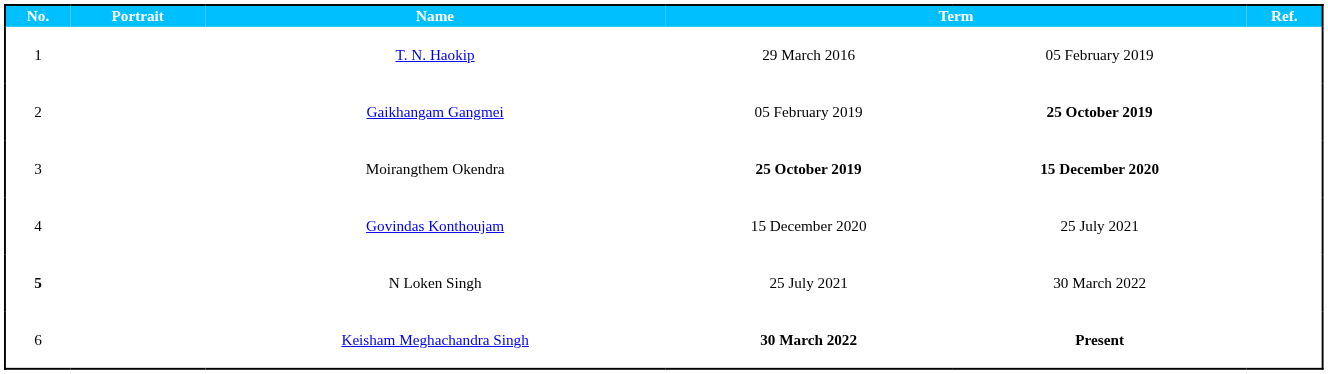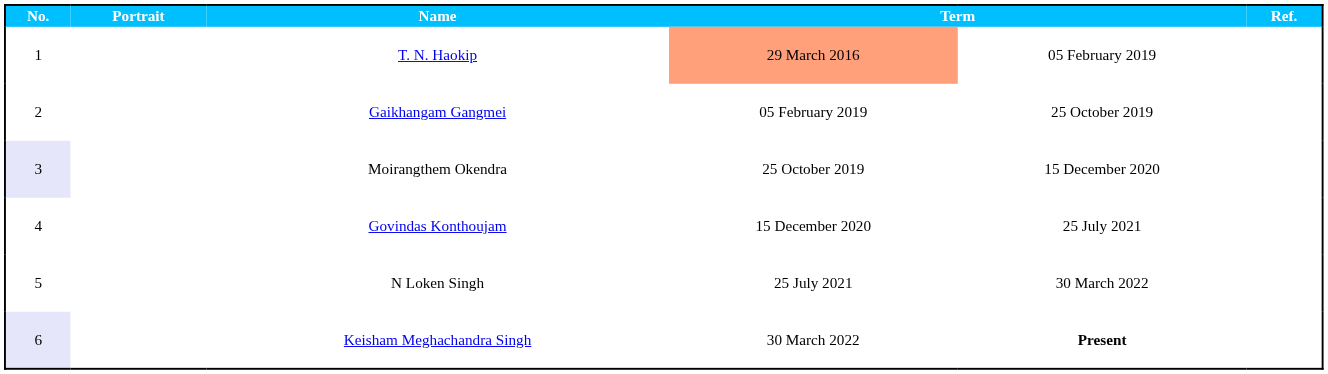 <table class="sortable" cellspacing="0" cellpadding="2" style="border-collapse: collapse; border: 2px #000000 solid; font-size: x-big; width:70%; border:1">
 <tr style="background-color:#00BFFF; color:white">
 <th>No.</th>
 <th>Portrait</th>
 <th>Name</th>
 <th colspan="2">Term</th>
 <th>Ref.</th>
 </tr>
 <tr style="text-align:center; height:60px;">
 <td>1</td>
 <td></td>
 <td><a href='#'>T. N. Haokip</a></td>
-<td>29 March 2016</td>
+<td style="background: lightsalmon;">29 March 2016</td>
 <td>05 February 2019</td>
 <td></td>
 </tr>
 <tr style="text-align:center; height:60px;">
 <td>2</td>
 <td></td>
 <td><a href='#'>Gaikhangam Gangmei</a></td>
 <td>05 February 2019</td>
-<td><strong>25 October 2019</strong></td>
+<td>25 October 2019</td>
 <td></td>
 </tr>
 <tr style="text-align:center; height:60px;">
-<td>3</td>
+<td style="background: lavender;">3</td>
 <td></td>
 <td>Moirangthem Okendra</td>
-<td><strong>25 October 2019</strong></td>
-<td><strong>15 December 2020</strong></td>
+<td>25 October 2019</td>
+<td>15 December 2020</td>
 <td></td>
 </tr>
 <tr style="text-align:center; height:60px;">
 <td>4</td>
 <td></td>
 <td><a href='#'>Govindas Konthoujam</a></td>
 <td>15 December 2020</td>
 <td>25 July 2021</td>
 <td></td>
 </tr>
 <tr style="text-align:center; height:60px;">
-<td><strong>5</strong></td>
+<td>5</td>
 <td></td>
 <td>N Loken Singh</td>
 <td>25 July 2021</td>
 <td>30 March 2022</td>
 <td></td>
 </tr>
 <tr style="text-align:center; height:60px;">
-<td>6</td>
+<td style="background: lavender;">6</td>
 <td></td>
 <td><a href='#'>Keisham Meghachandra Singh</a></td>
-<td><strong>30 March 2022</strong></td>
+<td>30 March 2022</td>
 <td><strong>Present</strong></td>
 <td></td>
 </tr>
 </table>
